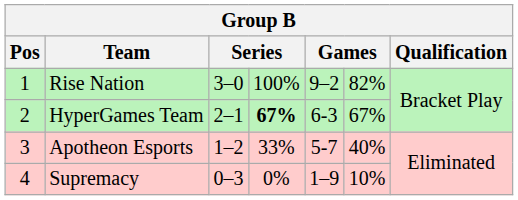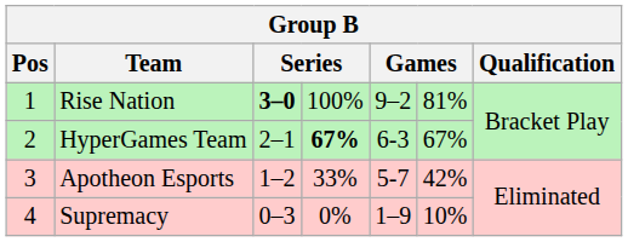 <table class="wikitable" style="display: inline-table; margin-left: 50px;width: 46%;">
 <tr>
 <th colspan="7">Group B</th>
 </tr>
 <tr>
 <th>Pos</th>
 <th>Team</th>
 <th colspan="2">Series</th>
 <th colspan="2">Games</th>
 <th>Qualification</th>
 </tr>
 <tr>
 <td style="text-align:center; background:#BBF3BB;">1</td>
 <td style="text-align:left; background:#BBF3BB;">Rise Nation</td>
-<td style="text-align:center; background:#BBF3BB;">3–0</td>
+<td style="text-align:center; background:#BBF3BB;"><strong>3–0</strong></td>
 <td style="text-align:center; background:#BBF3BB;">100%</td>
 <td style="text-align:center; background:#BBF3BB;">9–2</td>
-<td style="text-align:center; background:#BBF3BB;">82%</td>
+<td style="text-align:center; background:#BBF3BB;">81%</td>
 <td style="text-align:center; background:#BBF3BB;" rowspan="2">Bracket Play</td>
 </tr>
 <tr>
 <td style="text-align:center; background:#BBF3BB;">2</td>
 <td style="text-align:left; background:#BBF3BB;">HyperGames Team</td>
 <td style="text-align:center; background:#BBF3BB;">2–1</td>
 <td style="text-align:center; background:#BBF3BB;"><strong>67%</strong></td>
 <td style="text-align:center; background:#BBF3BB;">6-3</td>
 <td style="text-align:center; background:#BBF3BB;">67%</td>
 </tr>
 <tr>
 <td style="text-align:center; background:#FFCCCC;">3</td>
 <td style="text-align:left; background:#FFCCCC;">Apotheon Esports</td>
 <td style="text-align:center; background:#FFCCCC;">1–2</td>
 <td style="text-align:center; background:#FFCCCC;">33%</td>
 <td style="text-align:center; background:#FFCCCC;">5-7</td>
-<td style="text-align:center; background:#FFCCCC;">40%</td>
+<td style="text-align:center; background:#FFCCCC;">42%</td>
 <td style="text-align:center; background:#FFCCCC;" rowspan="2">Eliminated</td>
 </tr>
 <tr>
 <td style="text-align:center; background:#FFCCCC;">4</td>
 <td style="text-align:left; background:#FFCCCC;">Supremacy</td>
 <td style="text-align:center; background:#FFCCCC;">0–3</td>
 <td style="text-align:center; background:#FFCCCC;">0%</td>
 <td style="text-align:center; background:#FFCCCC;">1–9</td>
 <td style="text-align:center; background:#FFCCCC;">10%</td>
 </tr>
 </table>
